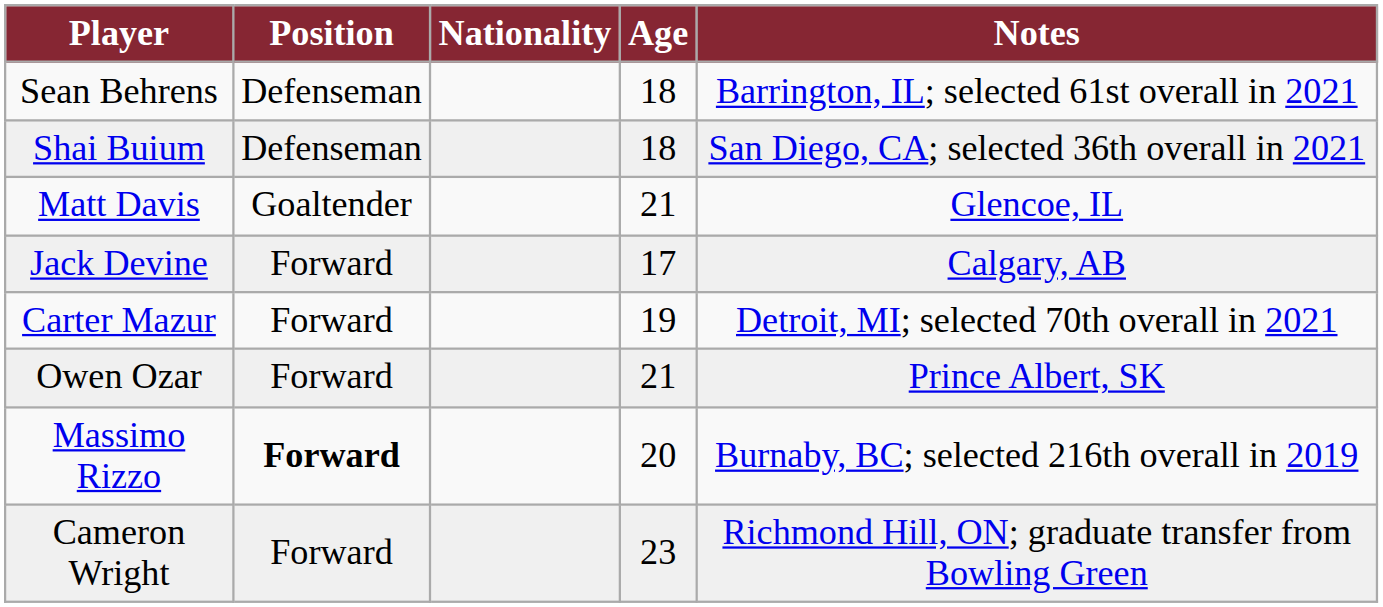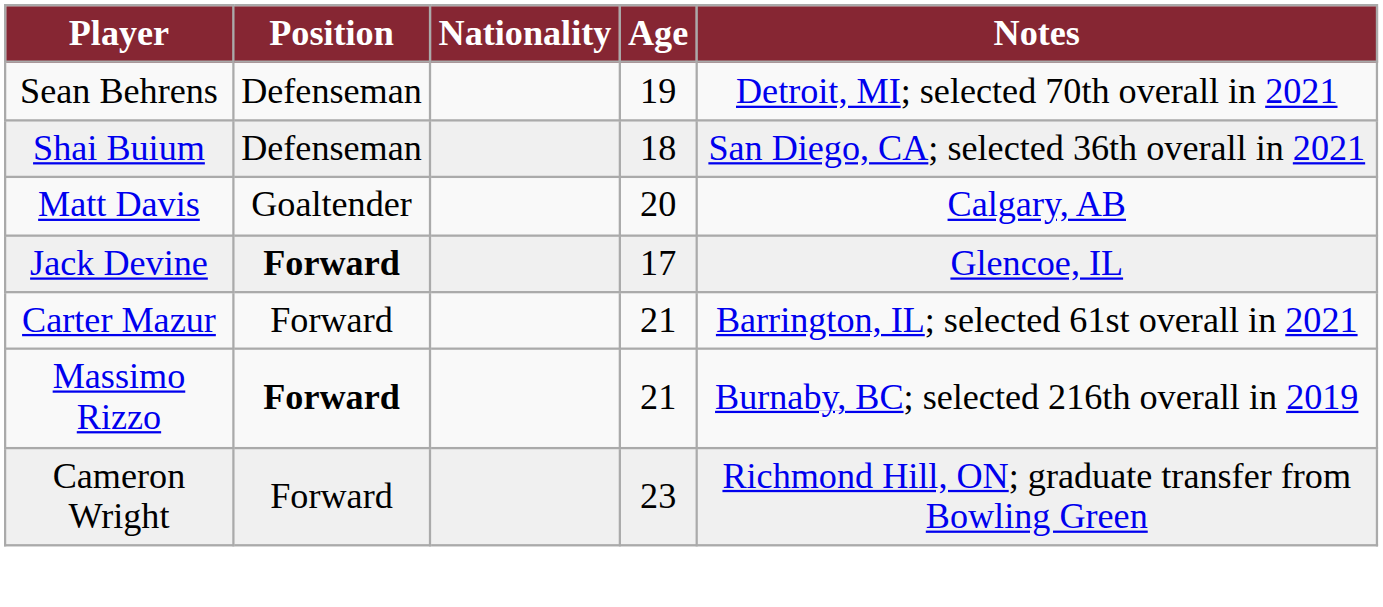 <table class="wikitable">
 <tr>
 <th style="color:white; background:#862633; ">Player</th>
 <th style="color:white; background:#862633; ">Position</th>
 <th style="color:white; background:#862633; ">Nationality</th>
 <th style="color:white; background:#862633; ">Age</th>
 <th style="color:white; background:#862633; ">Notes</th>
 </tr>
 <tr align="center" bgcolor="">
 <td>Sean Behrens</td>
 <td>Defenseman</td>
 <td></td>
-<td>18</td>
-<td><a href='#'>Barrington, IL</a>; selected 61st overall in <a href='#'>2021</a></td>
+<td>19</td>
+<td><a href='#'>Detroit, MI</a>; selected 70th overall in <a href='#'>2021</a></td>
 </tr>
 <tr align="center" bgcolor="f0f0f0">
 <td><a href='#'>Shai Buium</a></td>
 <td>Defenseman</td>
 <td></td>
 <td>18</td>
 <td><a href='#'>San Diego, CA</a>; selected 36th overall in <a href='#'>2021</a></td>
 </tr>
 <tr align="center" bgcolor="">
 <td><a href='#'>Matt Davis</a></td>
 <td>Goaltender</td>
 <td></td>
-<td>21</td>
-<td><a href='#'>Glencoe, IL</a></td>
+<td>20</td>
+<td><a href='#'>Calgary, AB</a></td>
 </tr>
 <tr align="center" bgcolor="f0f0f0">
 <td><a href='#'>Jack Devine</a></td>
-<td>Forward</td>
+<td><strong>Forward</strong></td>
 <td></td>
 <td>17</td>
-<td><a href='#'>Calgary, AB</a></td>
+<td><a href='#'>Glencoe, IL</a></td>
 </tr>
 <tr align="center" bgcolor="">
 <td><a href='#'>Carter Mazur</a></td>
 <td>Forward</td>
 <td></td>
-<td>19</td>
-<td><a href='#'>Detroit, MI</a>; selected 70th overall in <a href='#'>2021</a></td>
-</tr>
-<tr align="center" bgcolor="f0f0f0">
-<td>Owen Ozar</td>
-<td>Forward</td>
-<td></td>
 <td>21</td>
-<td><a href='#'>Prince Albert, SK</a></td>
+<td><a href='#'>Barrington, IL</a>; selected 61st overall in <a href='#'>2021</a></td>
 </tr>
 <tr align="center" bgcolor="">
 <td><a href='#'>Massimo Rizzo</a></td>
 <td><strong>Forward</strong></td>
 <td></td>
-<td>20</td>
+<td>21</td>
 <td><a href='#'>Burnaby, BC</a>; selected 216th overall in <a href='#'>2019</a></td>
 </tr>
 <tr align="center" bgcolor="f0f0f0">
 <td>Cameron Wright</td>
 <td>Forward</td>
 <td></td>
 <td>23</td>
 <td><a href='#'>Richmond Hill, ON</a>; graduate transfer from <a href='#'>Bowling Green</a></td>
 </tr>
 </table>
